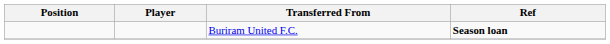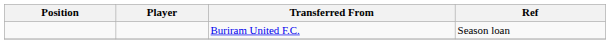 <table class="wikitable sortable" style="width:70%; text-align:center; font-size:100%; text-align:left;">
 <tr>
 <th>Position</th>
 <th>Player</th>
 <th>Transferred From</th>
 <th>Ref</th>
 </tr>
 <tr>
 <td></td>
 <td></td>
 <td> <a href='#'>Buriram United F.C.</a></td>
-<td><strong>Season loan  </strong></td>
+<td>Season loan  </td>
 </tr>
 <tr>
 </tr>
 </table>
